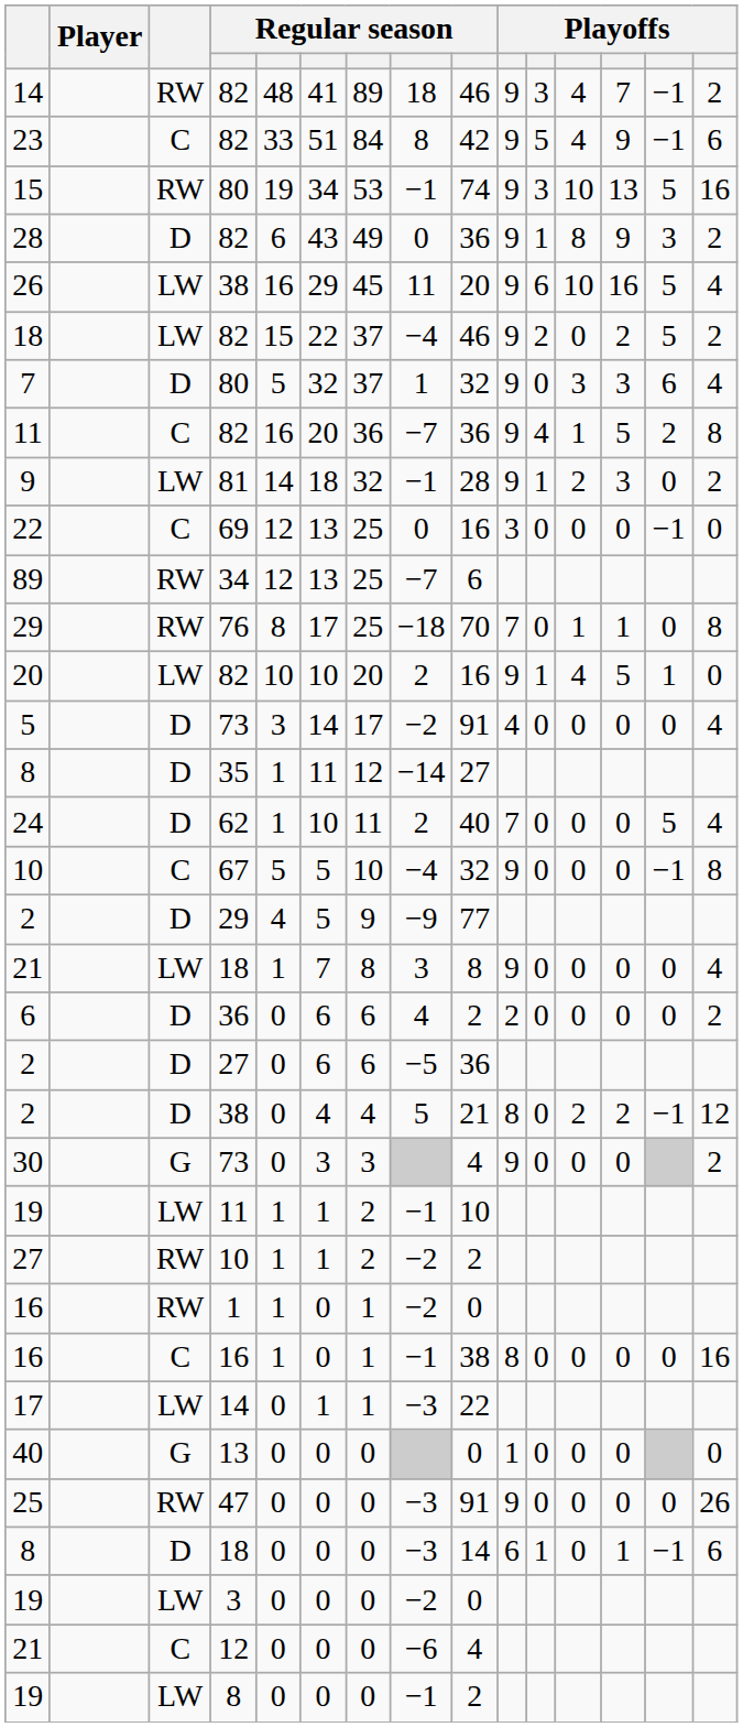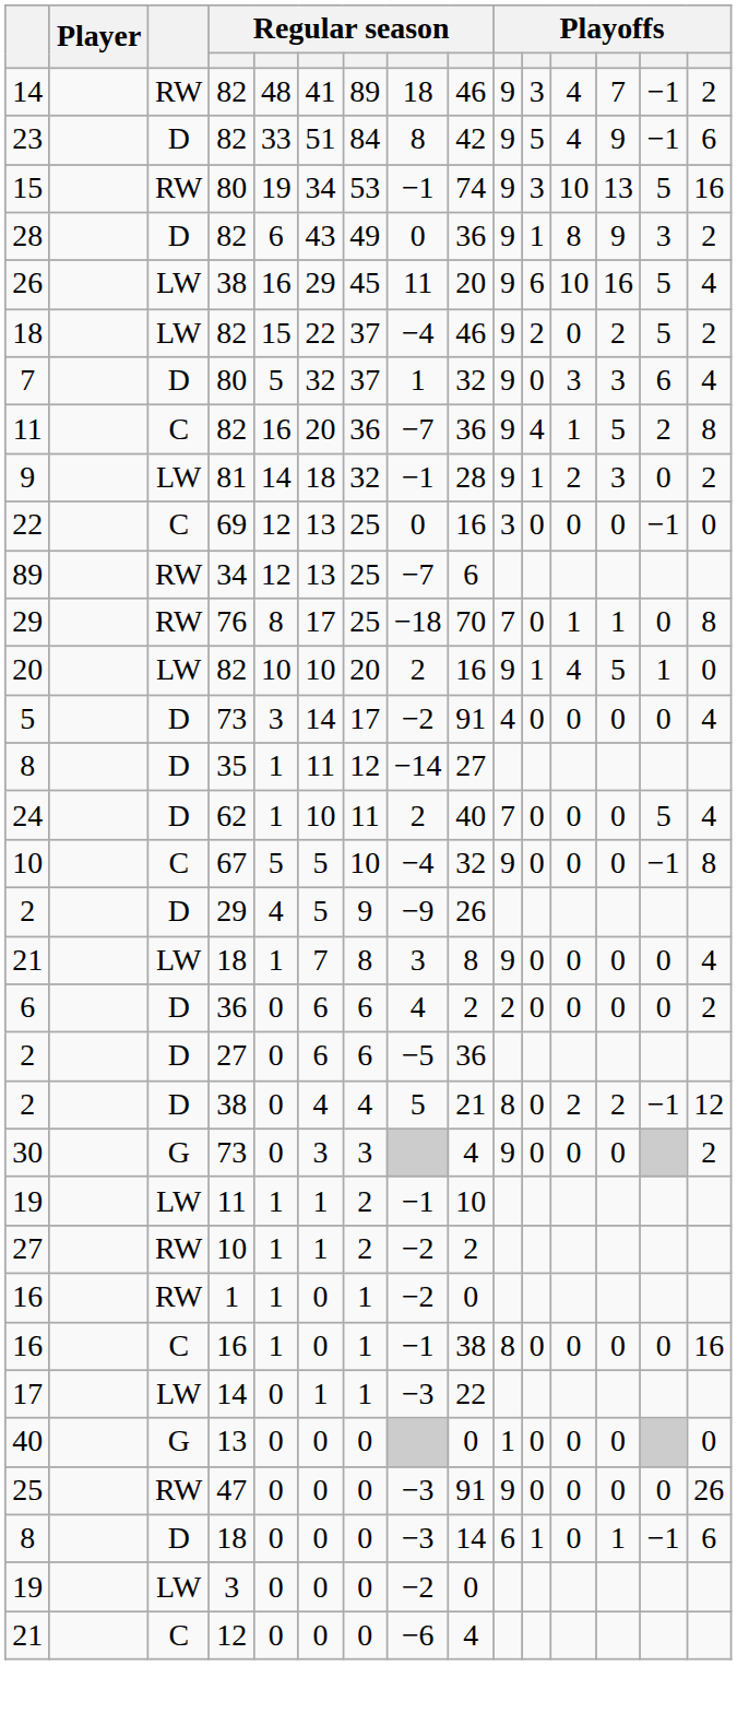 <table class="wikitable sortable plainrowheaders" style="text-align:center;">
 <tr>
 <th scope="col" data-sort-type="number" rowspan="2"></th>
 <th scope="col" rowspan="2">Player</th>
 <th scope="col" rowspan="2"></th>
 <th scope=colgroup colspan=6>Regular season</th>
 <th scope=colgroup colspan=6>Playoffs</th>
 </tr>
 <tr>
 <th scope="col" data-sort-type="number"></th>
 <th scope="col" data-sort-type="number"></th>
 <th scope="col" data-sort-type="number"></th>
 <th scope="col" data-sort-type="number"></th>
 <th scope="col" data-sort-type="number"></th>
 <th scope="col" data-sort-type="number"></th>
 <th scope="col" data-sort-type="number"></th>
 <th scope="col" data-sort-type="number"></th>
 <th scope="col" data-sort-type="number"></th>
 <th scope="col" data-sort-type="number"></th>
 <th scope="col" data-sort-type="number"></th>
 <th scope="col" data-sort-type="number"></th>
 </tr>
 <tr>
 <td scope="row">14</td>
 <td align="left"></td>
 <td>RW</td>
 <td>82</td>
 <td>48</td>
 <td>41</td>
 <td>89</td>
 <td>18</td>
 <td>46</td>
 <td>9</td>
 <td>3</td>
 <td>4</td>
 <td>7</td>
 <td>−1</td>
 <td>2</td>
 </tr>
 <tr>
 <td scope="row">23</td>
 <td align="left"></td>
-<td>C</td>
+<td>D</td>
 <td>82</td>
 <td>33</td>
 <td>51</td>
 <td>84</td>
 <td>8</td>
 <td>42</td>
 <td>9</td>
 <td>5</td>
 <td>4</td>
 <td>9</td>
 <td>−1</td>
 <td>6</td>
 </tr>
 <tr>
 <td scope="row">15</td>
 <td align="left"></td>
 <td>RW</td>
 <td>80</td>
 <td>19</td>
 <td>34</td>
 <td>53</td>
 <td>−1</td>
 <td>74</td>
 <td>9</td>
 <td>3</td>
 <td>10</td>
 <td>13</td>
 <td>5</td>
 <td>16</td>
 </tr>
 <tr>
 <td scope="row">28</td>
 <td align="left"></td>
 <td>D</td>
 <td>82</td>
 <td>6</td>
 <td>43</td>
 <td>49</td>
 <td>0</td>
 <td>36</td>
 <td>9</td>
 <td>1</td>
 <td>8</td>
 <td>9</td>
 <td>3</td>
 <td>2</td>
 </tr>
 <tr>
 <td scope="row">26</td>
 <td align="left"></td>
 <td>LW</td>
 <td>38</td>
 <td>16</td>
 <td>29</td>
 <td>45</td>
 <td>11</td>
 <td>20</td>
 <td>9</td>
 <td>6</td>
 <td>10</td>
 <td>16</td>
 <td>5</td>
 <td>4</td>
 </tr>
 <tr>
 <td scope="row">18</td>
 <td align="left"></td>
 <td>LW</td>
 <td>82</td>
 <td>15</td>
 <td>22</td>
 <td>37</td>
 <td>−4</td>
 <td>46</td>
 <td>9</td>
 <td>2</td>
 <td>0</td>
 <td>2</td>
 <td>5</td>
 <td>2</td>
 </tr>
 <tr>
 <td scope="row">7</td>
 <td align="left"></td>
 <td>D</td>
 <td>80</td>
 <td>5</td>
 <td>32</td>
 <td>37</td>
 <td>1</td>
 <td>32</td>
 <td>9</td>
 <td>0</td>
 <td>3</td>
 <td>3</td>
 <td>6</td>
 <td>4</td>
 </tr>
 <tr>
 <td scope="row">11</td>
 <td align="left"></td>
 <td>C</td>
 <td>82</td>
 <td>16</td>
 <td>20</td>
 <td>36</td>
 <td>−7</td>
 <td>36</td>
 <td>9</td>
 <td>4</td>
 <td>1</td>
 <td>5</td>
 <td>2</td>
 <td>8</td>
 </tr>
 <tr>
 <td scope="row">9</td>
 <td align="left"></td>
 <td>LW</td>
 <td>81</td>
 <td>14</td>
 <td>18</td>
 <td>32</td>
 <td>−1</td>
 <td>28</td>
 <td>9</td>
 <td>1</td>
 <td>2</td>
 <td>3</td>
 <td>0</td>
 <td>2</td>
 </tr>
 <tr>
 <td scope="row">22</td>
 <td align="left"></td>
 <td>C</td>
 <td>69</td>
 <td>12</td>
 <td>13</td>
 <td>25</td>
 <td>0</td>
 <td>16</td>
 <td>3</td>
 <td>0</td>
 <td>0</td>
 <td>0</td>
 <td>−1</td>
 <td>0</td>
 </tr>
 <tr>
 <td scope="row">89</td>
 <td align="left"></td>
 <td>RW</td>
 <td>34</td>
 <td>12</td>
 <td>13</td>
 <td>25</td>
 <td>−7</td>
 <td>6</td>
 <td></td>
 <td></td>
 <td></td>
 <td></td>
 <td></td>
 <td></td>
 </tr>
 <tr>
 <td scope="row">29</td>
 <td align="left"></td>
 <td>RW</td>
 <td>76</td>
 <td>8</td>
 <td>17</td>
 <td>25</td>
 <td>−18</td>
 <td>70</td>
 <td>7</td>
 <td>0</td>
 <td>1</td>
 <td>1</td>
 <td>0</td>
 <td>8</td>
 </tr>
 <tr>
 <td scope="row">20</td>
 <td align="left"></td>
 <td>LW</td>
 <td>82</td>
 <td>10</td>
 <td>10</td>
 <td>20</td>
 <td>2</td>
 <td>16</td>
 <td>9</td>
 <td>1</td>
 <td>4</td>
 <td>5</td>
 <td>1</td>
 <td>0</td>
 </tr>
 <tr>
 <td scope="row">5</td>
 <td align="left"></td>
 <td>D</td>
 <td>73</td>
 <td>3</td>
 <td>14</td>
 <td>17</td>
 <td>−2</td>
 <td>91</td>
 <td>4</td>
 <td>0</td>
 <td>0</td>
 <td>0</td>
 <td>0</td>
 <td>4</td>
 </tr>
 <tr>
 <td scope="row">8</td>
 <td align="left"></td>
 <td>D</td>
 <td>35</td>
 <td>1</td>
 <td>11</td>
 <td>12</td>
 <td>−14</td>
 <td>27</td>
 <td></td>
 <td></td>
 <td></td>
 <td></td>
 <td></td>
 <td></td>
 </tr>
 <tr>
 <td scope="row">24</td>
 <td align="left"></td>
 <td>D</td>
 <td>62</td>
 <td>1</td>
 <td>10</td>
 <td>11</td>
 <td>2</td>
 <td>40</td>
 <td>7</td>
 <td>0</td>
 <td>0</td>
 <td>0</td>
 <td>5</td>
 <td>4</td>
 </tr>
 <tr>
 <td scope="row">10</td>
 <td align="left"></td>
 <td>C</td>
 <td>67</td>
 <td>5</td>
 <td>5</td>
 <td>10</td>
 <td>−4</td>
 <td>32</td>
 <td>9</td>
 <td>0</td>
 <td>0</td>
 <td>0</td>
 <td>−1</td>
 <td>8</td>
 </tr>
 <tr>
 <td scope="row">2</td>
 <td align="left"></td>
 <td>D</td>
 <td>29</td>
 <td>4</td>
 <td>5</td>
 <td>9</td>
 <td>−9</td>
-<td>77</td>
+<td>26</td>
 <td></td>
 <td></td>
 <td></td>
 <td></td>
 <td></td>
 <td></td>
 </tr>
 <tr>
 <td scope="row">21</td>
 <td align="left"></td>
 <td>LW</td>
 <td>18</td>
 <td>1</td>
 <td>7</td>
 <td>8</td>
 <td>3</td>
 <td>8</td>
 <td>9</td>
 <td>0</td>
 <td>0</td>
 <td>0</td>
 <td>0</td>
 <td>4</td>
 </tr>
 <tr>
 <td scope="row">6</td>
 <td align="left"></td>
 <td>D</td>
 <td>36</td>
 <td>0</td>
 <td>6</td>
 <td>6</td>
 <td>4</td>
 <td>2</td>
 <td>2</td>
 <td>0</td>
 <td>0</td>
 <td>0</td>
 <td>0</td>
 <td>2</td>
 </tr>
 <tr>
 <td scope="row">2</td>
 <td align="left"></td>
 <td>D</td>
 <td>27</td>
 <td>0</td>
 <td>6</td>
 <td>6</td>
 <td>−5</td>
 <td>36</td>
 <td></td>
 <td></td>
 <td></td>
 <td></td>
 <td></td>
 <td></td>
 </tr>
 <tr>
 <td scope="row">2</td>
 <td align="left"></td>
 <td>D</td>
 <td>38</td>
 <td>0</td>
 <td>4</td>
 <td>4</td>
 <td>5</td>
 <td>21</td>
 <td>8</td>
 <td>0</td>
 <td>2</td>
 <td>2</td>
 <td>−1</td>
 <td>12</td>
 </tr>
 <tr>
 <td scope="row">30</td>
 <td align="left"></td>
 <td>G</td>
 <td>73</td>
 <td>0</td>
 <td>3</td>
 <td>3</td>
 <td style="background:#ccc"></td>
 <td>4</td>
 <td>9</td>
 <td>0</td>
 <td>0</td>
 <td>0</td>
 <td style="background:#ccc"></td>
 <td>2</td>
 </tr>
 <tr>
 <td scope="row">19</td>
 <td align="left"></td>
 <td>LW</td>
 <td>11</td>
 <td>1</td>
 <td>1</td>
 <td>2</td>
 <td>−1</td>
 <td>10</td>
 <td></td>
 <td></td>
 <td></td>
 <td></td>
 <td></td>
 <td></td>
 </tr>
 <tr>
 <td scope="row">27</td>
 <td align="left"></td>
 <td>RW</td>
 <td>10</td>
 <td>1</td>
 <td>1</td>
 <td>2</td>
 <td>−2</td>
 <td>2</td>
 <td></td>
 <td></td>
 <td></td>
 <td></td>
 <td></td>
 <td></td>
 </tr>
 <tr>
 <td scope="row">16</td>
 <td align="left"></td>
 <td>RW</td>
 <td>1</td>
 <td>1</td>
 <td>0</td>
 <td>1</td>
 <td>−2</td>
 <td>0</td>
 <td></td>
 <td></td>
 <td></td>
 <td></td>
 <td></td>
 <td></td>
 </tr>
 <tr>
 <td scope="row">16</td>
 <td align="left"></td>
 <td>C</td>
 <td>16</td>
 <td>1</td>
 <td>0</td>
 <td>1</td>
 <td>−1</td>
 <td>38</td>
 <td>8</td>
 <td>0</td>
 <td>0</td>
 <td>0</td>
 <td>0</td>
 <td>16</td>
 </tr>
 <tr>
 <td scope="row">17</td>
 <td align="left"></td>
 <td>LW</td>
 <td>14</td>
 <td>0</td>
 <td>1</td>
 <td>1</td>
 <td>−3</td>
 <td>22</td>
 <td></td>
 <td></td>
 <td></td>
 <td></td>
 <td></td>
 <td></td>
 </tr>
 <tr>
 <td scope="row">40</td>
 <td align="left"></td>
 <td>G</td>
 <td>13</td>
 <td>0</td>
 <td>0</td>
 <td>0</td>
 <td style="background:#ccc"></td>
 <td>0</td>
 <td>1</td>
 <td>0</td>
 <td>0</td>
 <td>0</td>
 <td style="background:#ccc"></td>
 <td>0</td>
 </tr>
 <tr>
 <td scope="row">25</td>
 <td align="left"></td>
 <td>RW</td>
 <td>47</td>
 <td>0</td>
 <td>0</td>
 <td>0</td>
 <td>−3</td>
 <td>91</td>
 <td>9</td>
 <td>0</td>
 <td>0</td>
 <td>0</td>
 <td>0</td>
 <td>26</td>
 </tr>
 <tr>
 <td scope="row">8</td>
 <td align="left"></td>
 <td>D</td>
 <td>18</td>
 <td>0</td>
 <td>0</td>
 <td>0</td>
 <td>−3</td>
 <td>14</td>
 <td>6</td>
 <td>1</td>
 <td>0</td>
 <td>1</td>
 <td>−1</td>
 <td>6</td>
 </tr>
 <tr>
 <td scope="row">19</td>
 <td align="left"></td>
 <td>LW</td>
 <td>3</td>
 <td>0</td>
 <td>0</td>
 <td>0</td>
 <td>−2</td>
 <td>0</td>
 <td></td>
 <td></td>
 <td></td>
 <td></td>
 <td></td>
 <td></td>
 </tr>
 <tr>
 <td scope="row">21</td>
 <td align="left"></td>
 <td>C</td>
 <td>12</td>
 <td>0</td>
 <td>0</td>
 <td>0</td>
 <td>−6</td>
 <td>4</td>
 <td></td>
 <td></td>
 <td></td>
 <td></td>
 <td></td>
 <td></td>
 </tr>
-<tr>
-<td scope="row">19</td>
-<td align="left"></td>
-<td>LW</td>
-<td>8</td>
-<td>0</td>
-<td>0</td>
-<td>0</td>
-<td>−1</td>
-<td>2</td>
-<td></td>
-<td></td>
-<td></td>
-<td></td>
-<td></td>
-<td></td>
-</tr>
 </table>
